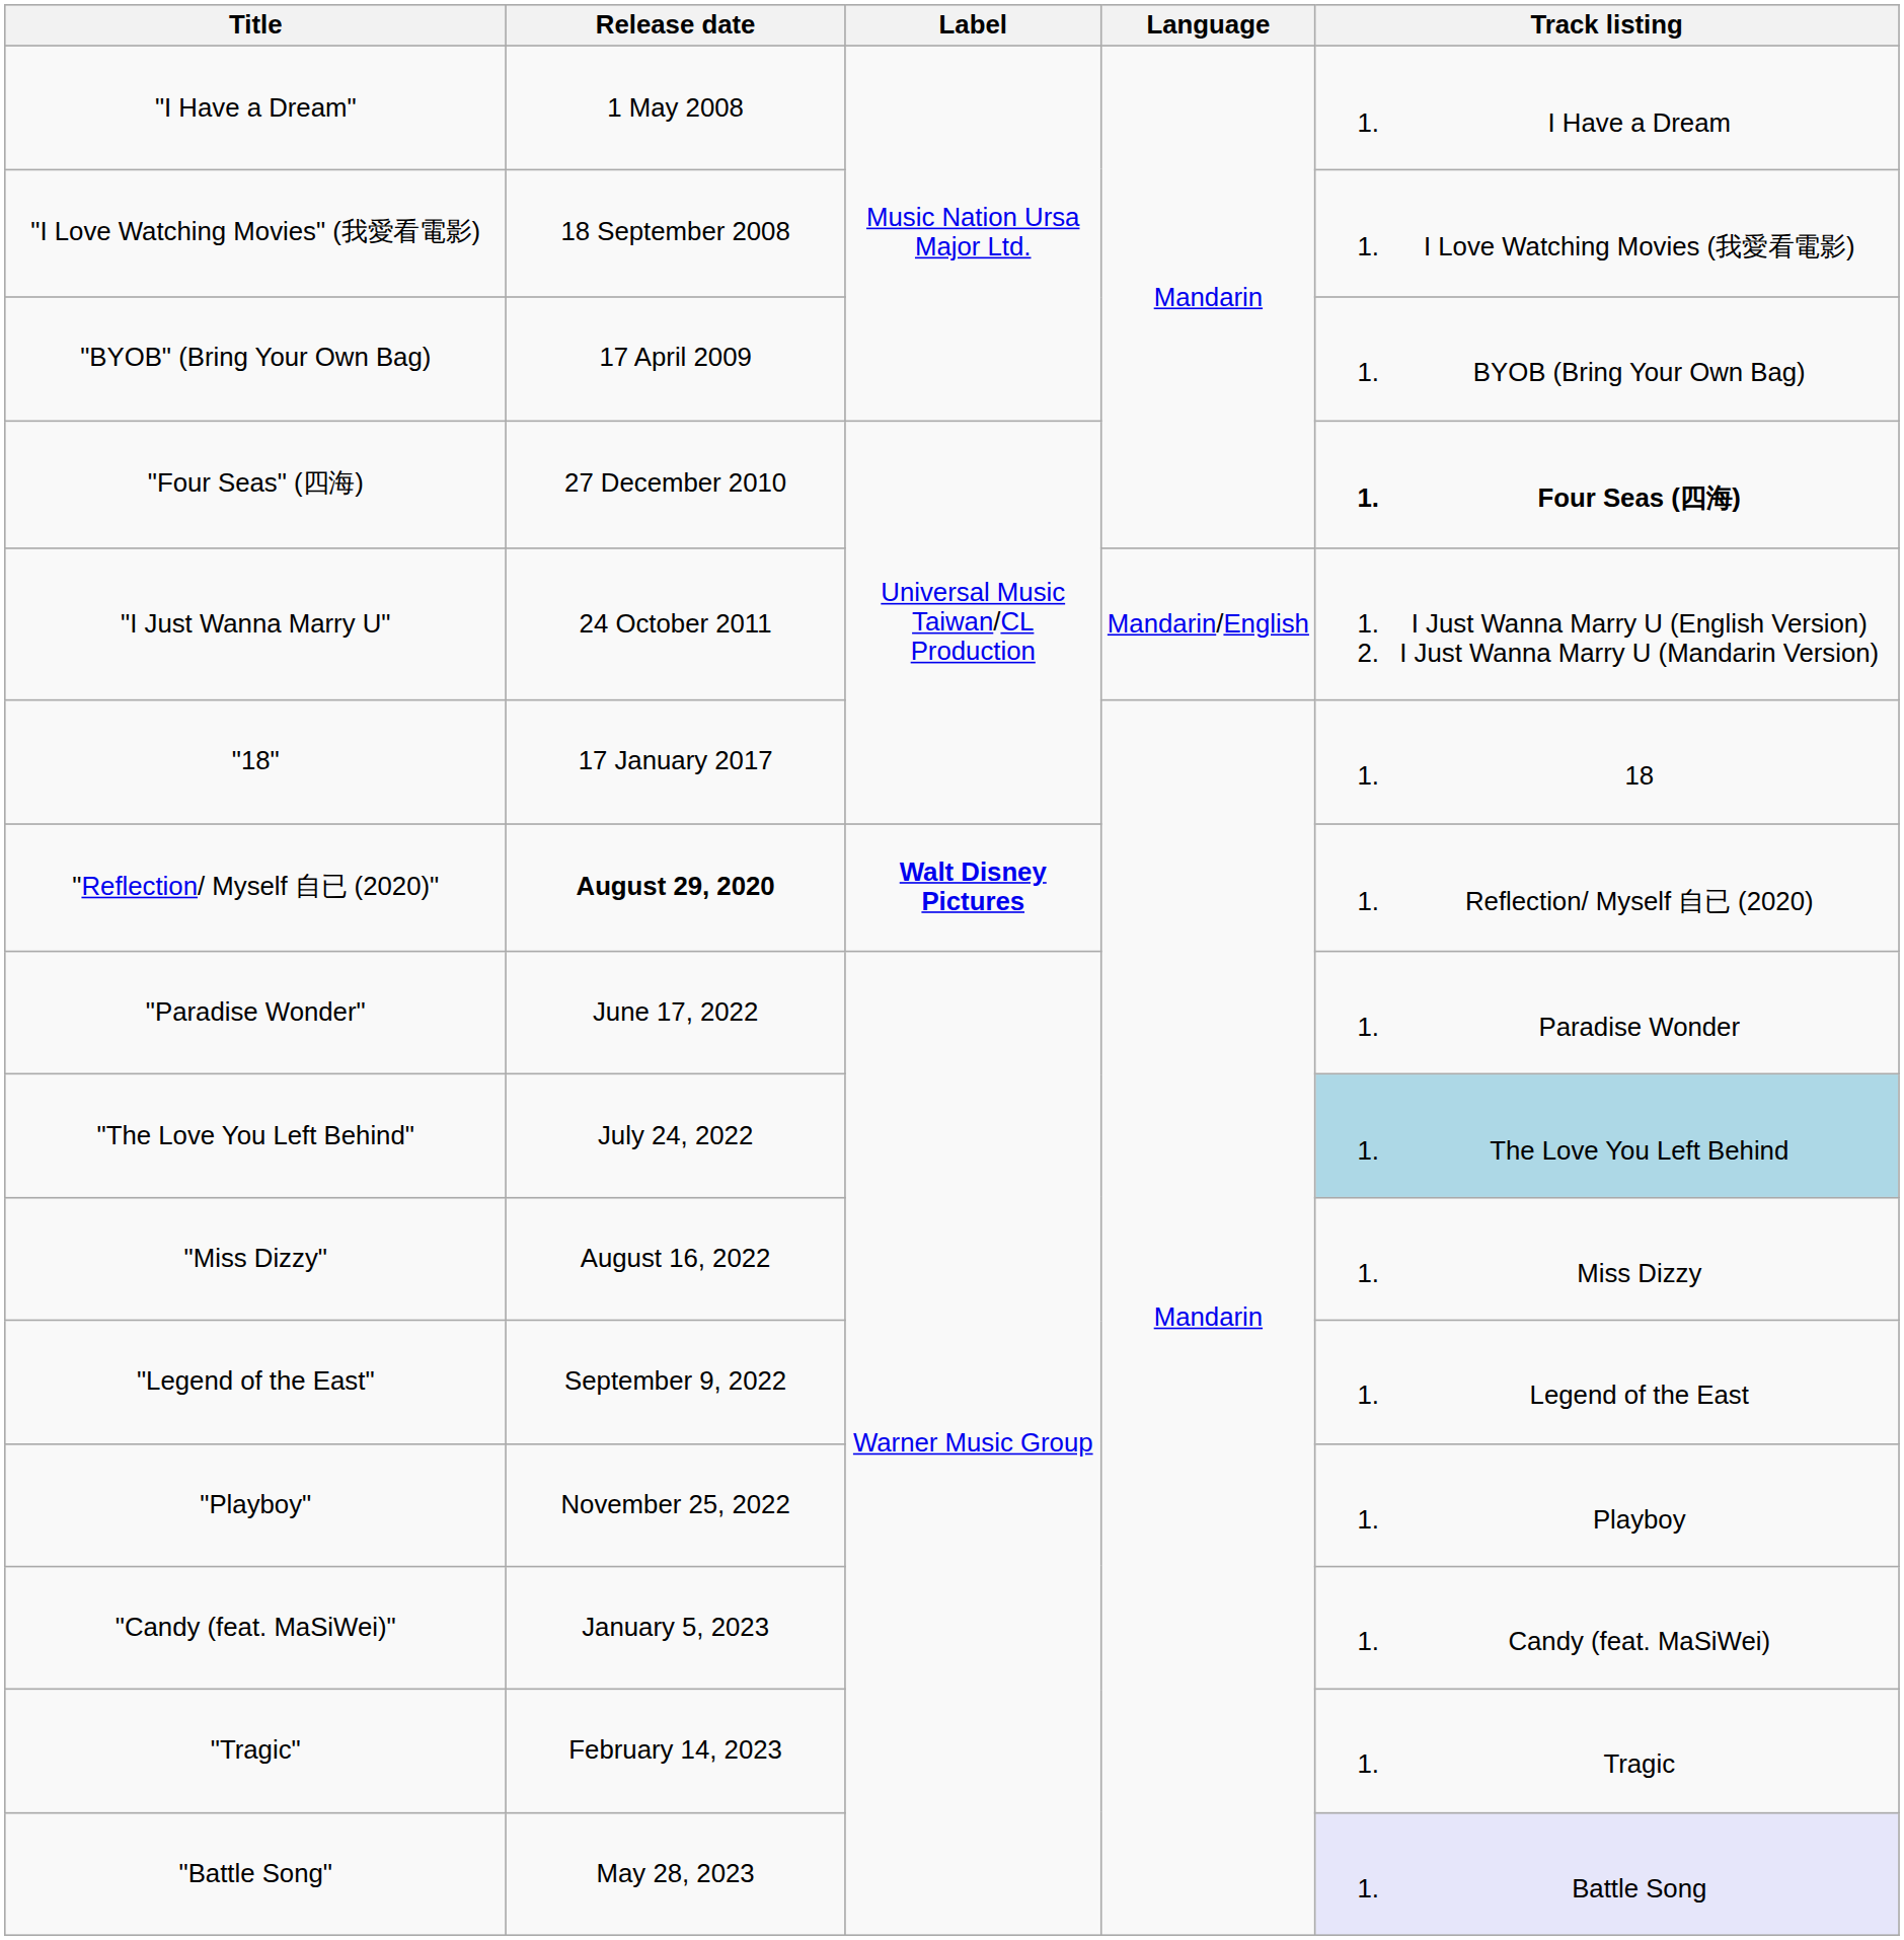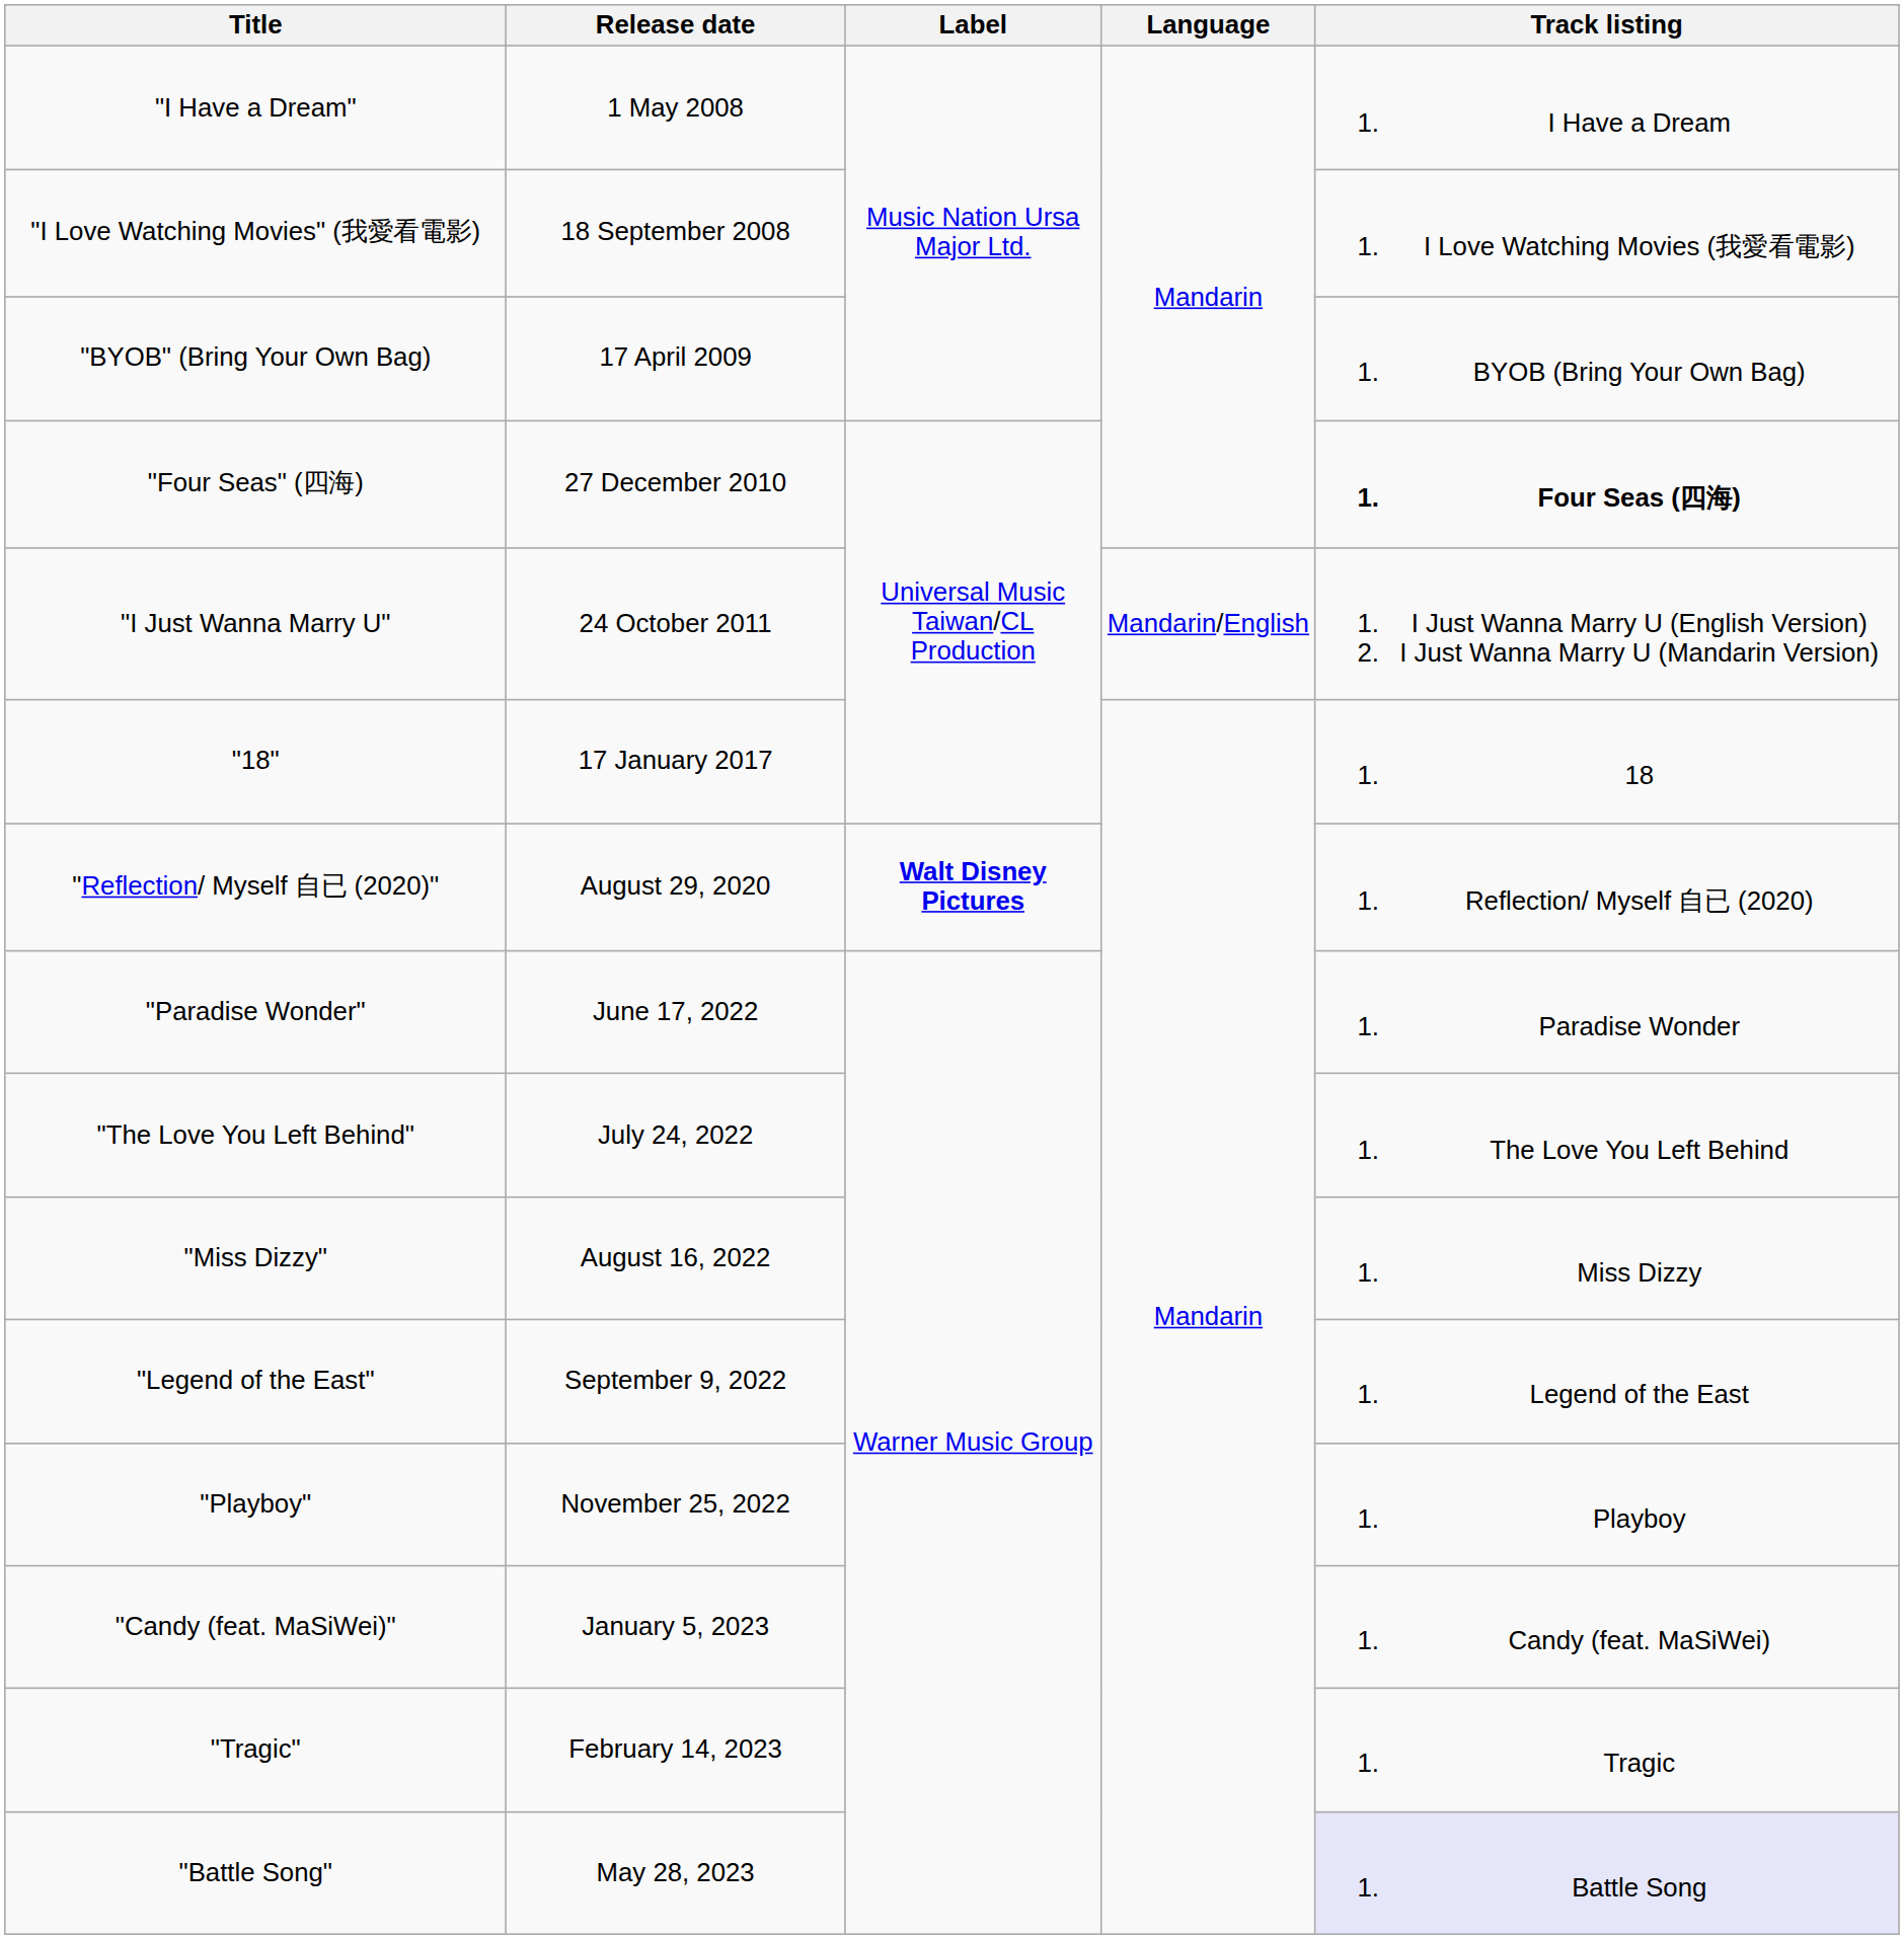 <table class="wikitable" style="text-align:center;">
 <tr>
 <th align="left" width="300px">Title</th>
 <th align="left" width="200px">Release date</th>
 <th align="left" width="150px">Label</th>
 <th align="left" width="100px">Language</th>
 <th align="left" width="350px">Track listing</th>
 </tr>
 <tr>
 <td>"I Have a Dream"</td>
 <td>1 May 2008</td>
 <td rowspan="3"><a href='#'>Music Nation Ursa Major Ltd.</a></td>
 <td rowspan="4"><a href='#'>Mandarin</a></td>
 <td><br><ol><li>I Have a Dream</li></ol></td>
 </tr>
 <tr>
 <td>"I Love Watching Movies" (我愛看電影)</td>
 <td>18 September 2008</td>
 <td><br><ol><li>I Love Watching Movies (我愛看電影)</li></ol></td>
 </tr>
 <tr>
 <td>"BYOB" (Bring Your Own Bag)</td>
 <td>17 April 2009</td>
 <td><br><ol><li>BYOB (Bring Your Own Bag)</li></ol></td>
 </tr>
 <tr>
 <td>"Four Seas" (四海)</td>
 <td>27 December 2010</td>
 <td rowspan="3"><a href='#'>Universal Music Taiwan</a>/<a href='#'>CL Production</a></td>
 <td><strong><br><ol><li>Four Seas (四海)</li></ol></strong></td>
 </tr>
 <tr>
 <td>"I Just Wanna Marry U"</td>
 <td>24 October 2011</td>
 <td><a href='#'>Mandarin</a>/<a href='#'>English</a></td>
 <td><br><ol><li>I Just Wanna Marry U (English Version)</li><li>I Just Wanna Marry U (Mandarin Version)</li></ol></td>
 </tr>
 <tr>
 <td>"18"</td>
 <td>17 January 2017</td>
 <td rowspan="10"><a href='#'>Mandarin</a></td>
 <td><br><ol><li>18</li></ol></td>
 </tr>
 <tr>
 <td>"<a href='#'>Reflection</a>/ Myself 自已 (2020)"</td>
-<td><strong>August 29, 2020</strong></td>
+<td>August 29, 2020</td>
 <td><strong><a href='#'>Walt Disney Pictures</a></strong></td>
 <td><br><ol><li>Reflection/ Myself 自已 (2020)</li></ol></td>
 </tr>
 <tr>
 <td>"Paradise Wonder"</td>
 <td>June 17, 2022</td>
 <td rowspan="8"><a href='#'>Warner Music Group</a></td>
 <td><br><ol><li>Paradise Wonder</li></ol></td>
 </tr>
 <tr>
 <td>"The Love You Left Behind"</td>
 <td>July 24, 2022</td>
-<td style="background: lightblue;"><br><ol><li>The Love You Left Behind</li></ol></td>
+<td><br><ol><li>The Love You Left Behind</li></ol></td>
 </tr>
 <tr>
 <td>"Miss Dizzy"</td>
 <td>August 16, 2022</td>
 <td><br><ol><li>Miss Dizzy</li></ol></td>
 </tr>
 <tr>
 <td>"Legend of the East"</td>
 <td>September 9, 2022</td>
 <td><br><ol><li>Legend of the East</li></ol></td>
 </tr>
 <tr>
 <td>"Playboy"</td>
 <td>November 25, 2022</td>
 <td><br><ol><li>Playboy</li></ol></td>
 </tr>
 <tr>
 <td>"Candy (feat. MaSiWei)"</td>
 <td>January 5, 2023</td>
 <td><br><ol><li>Candy (feat. MaSiWei)</li></ol></td>
 </tr>
 <tr>
 <td>"Tragic"</td>
 <td>February 14, 2023</td>
 <td><br><ol><li>Tragic</li></ol></td>
 </tr>
 <tr>
 <td>"Battle Song"</td>
 <td>May 28, 2023</td>
 <td style="background: lavender;"><br><ol><li>Battle Song</li></ol></td>
 </tr>
 <tr>
 </tr>
 </table>
